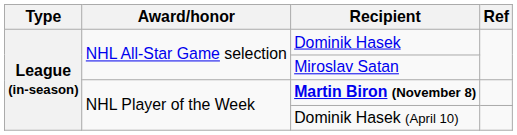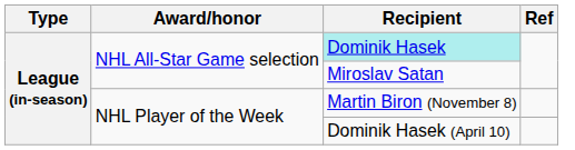 <table class="wikitable">
 <tr>
 <th scope="col">Type</th>
 <th scope="col">Award/honor</th>
 <th scope="col">Recipient</th>
 <th scope="col">Ref</th>
 </tr>
 <tr>
 <th scope="row" rowspan="4">League<br><small>(in-season)</small></th>
 <td rowspan="2"><a href='#'>NHL All-Star Game</a> selection</td>
-<td><a href='#'>Dominik Hasek</a></td>
+<td style="background: paleturquoise;"><a href='#'>Dominik Hasek</a></td>
 <td rowspan="2"></td>
 </tr>
 <tr>
 <td><a href='#'>Miroslav Satan</a></td>
 </tr>
 <tr>
 <td rowspan="2">NHL Player of the Week</td>
-<td><strong><a href='#'>Martin Biron</a> <small>(November 8)</small></strong></td>
+<td><a href='#'>Martin Biron</a> <small>(November 8)</small></td>
 <td></td>
 </tr>
 <tr>
 <td>Dominik Hasek <small>(April 10)</small></td>
 <td></td>
 </tr>
 </table>
